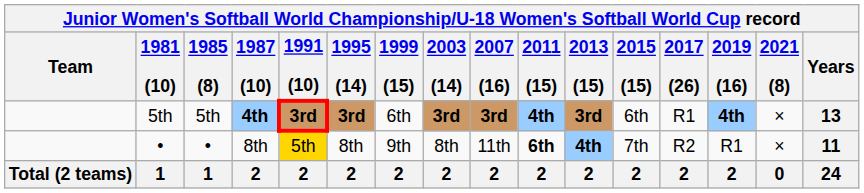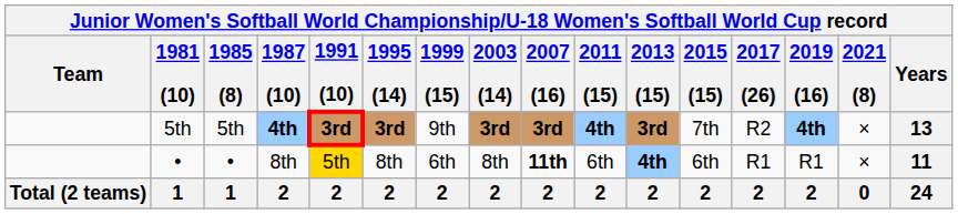 <table class="wikitable" style="text-align:center; font-size:85%;">
 <tr>
 <th colspan=32><a href='#'>Junior Women's Softball World Championship/U-18 Women's Softball World Cup</a> record</th>
 </tr>
 <tr>
 <th>Team</th>
 <th><a href='#'>1981</a><br><br>(10)</th>
 <th><a href='#'>1985</a><br><br>(8)</th>
 <th><a href='#'>1987</a><br><br>(10)</th>
 <th><a href='#'>1991</a><br><br>(10)</th>
 <th><a href='#'>1995</a><br><br>(14)</th>
 <th><a href='#'>1999</a><br><br>(15)</th>
 <th><a href='#'>2003</a><br><br>(14)</th>
 <th><a href='#'>2007</a><br><br>(16)</th>
 <th><a href='#'>2011</a><br><br>(15)</th>
 <th><a href='#'>2013</a><br><br>(15)</th>
 <th><a href='#'>2015</a><br><br>(15)</th>
 <th><a href='#'>2017</a><br><br>(26)</th>
 <th><a href='#'>2019</a><br><br>(16)</th>
 <th><a href='#'>2021</a><br><br>(8)</th>
 <th>Years</th>
 </tr>
 <tr>
 <td align=left></td>
 <td>5th</td>
 <td>5th</td>
 <td style="background:#9acdff"><strong>4th</strong></td>
 <td style="background:#c96; border: 3px solid red"><strong>3rd</strong></td>
 <td style="background:#c96"><strong>3rd</strong></td>
-<td>6th</td>
+<td>9th</td>
 <td style="background:#c96"><strong>3rd</strong></td>
 <td style="background:#c96"><strong>3rd</strong></td>
 <td style="background:#9acdff"><strong>4th</strong></td>
 <td style="background:#c96"><strong>3rd</strong></td>
-<td>6th</td>
-<td>R1<br></td>
+<td>7th</td>
+<td>R2<br></td>
 <td style="background:#9acdff"><strong>4th</strong></td>
 <td>×</td>
 <th>13</th>
 </tr>
 <tr>
 <td align=left></td>
 <td>•</td>
 <td>•</td>
 <td>8th</td>
 <td style="background: gold;">5th</td>
 <td>8th</td>
-<td>9th</td>
+<td>6th</td>
 <td>8th</td>
-<td>11th</td>
-<td><strong>6th</strong></td>
+<td><strong>11th</strong></td>
+<td>6th</td>
 <td style="background:#9acdff"><strong>4th</strong></td>
-<td>7th</td>
-<td>R2<br></td>
+<td>6th</td>
+<td>R1<br></td>
 <td>R1<br></td>
 <td>×</td>
 <th>11</th>
 </tr>
 <tr>
 <th>Total (2 teams)</th>
 <th>1</th>
 <th>1</th>
 <th>2</th>
 <th>2</th>
 <th>2</th>
 <th>2</th>
 <th>2</th>
 <th>2</th>
 <th>2</th>
 <th>2</th>
 <th>2</th>
 <th>2</th>
 <th>2</th>
 <th>0</th>
 <th>24</th>
 </tr>
 </table>
